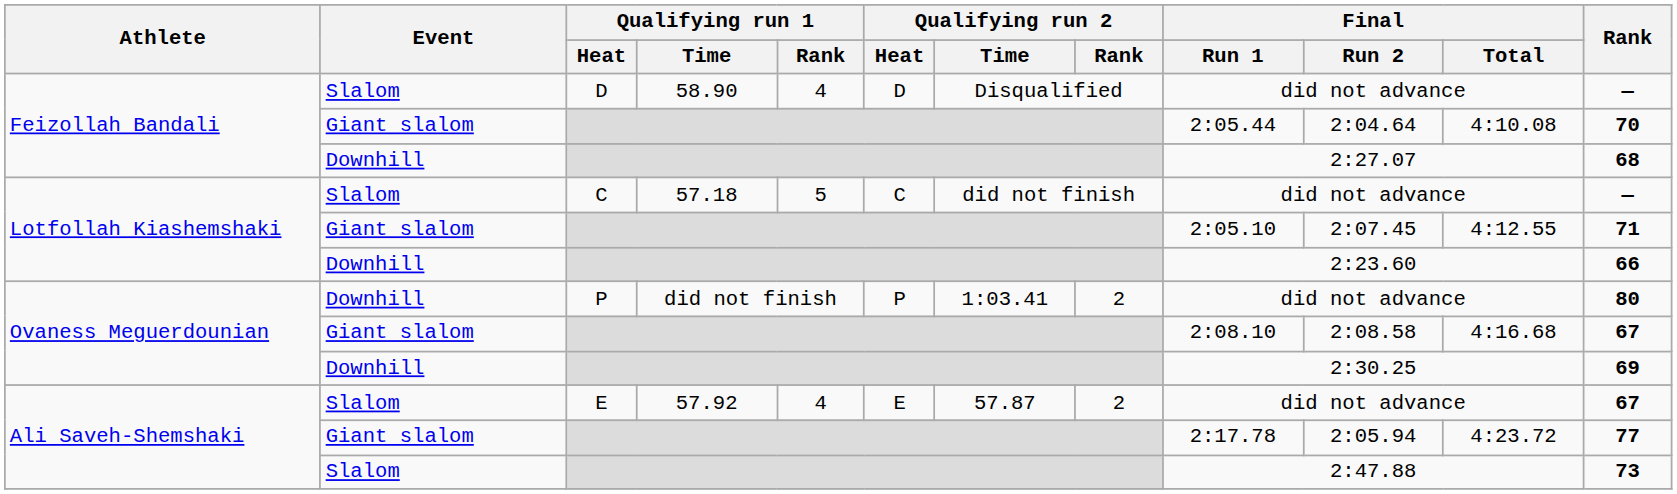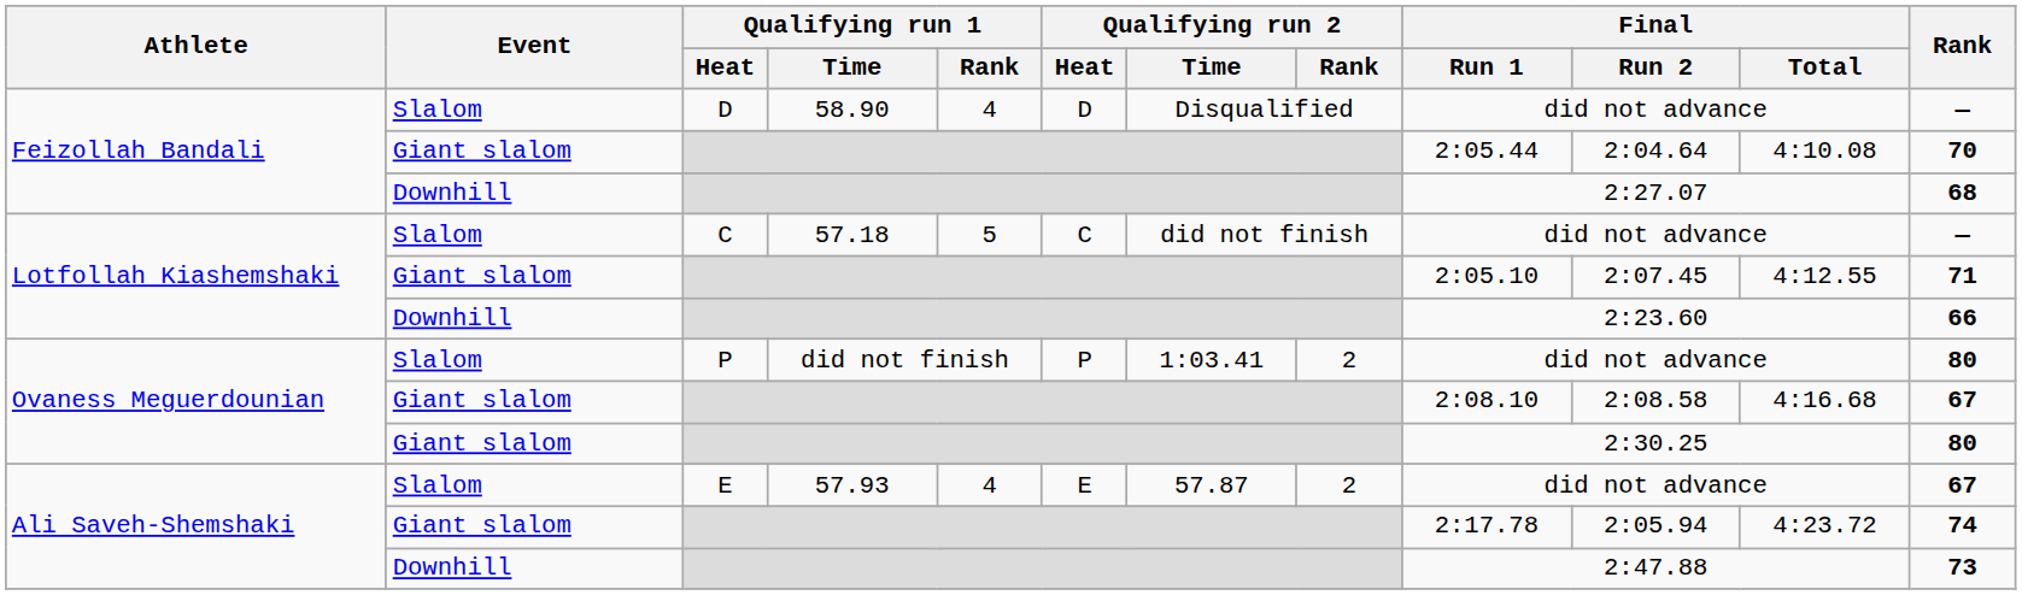 <table class="wikitable" width="75%" style="text-align:center; font-size:90%">
 <tr>
 <th rowspan=2 width="18%">Athlete</th>
 <th rowspan=2 width="14%">Event</th>
 <th colspan=3>Qualifying run 1</th>
 <th colspan=3>Qualifying run 2</th>
 <th colspan=3>Final</th>
 <th rowspan=2 width="5%">Rank</th>
 </tr>
 <tr>
 <th width="4%">Heat</th>
 <th width="8%">Time</th>
 <th width="5%">Rank</th>
 <th width="4%">Heat</th>
 <th width="8%">Time</th>
 <th width="5%">Rank</th>
 <th width="8%">Run 1</th>
 <th width="8%">Run 2</th>
 <th width="8%">Total</th>
 </tr>
 <tr>
 <td rowspan=3 align="left"><a href='#'>Feizollah Bandali</a></td>
 <td align="left"><a href='#'>Slalom</a></td>
 <td>D</td>
 <td>58.90</td>
 <td>4</td>
 <td>D</td>
 <td colspan=2>Disqualified</td>
 <td colspan=3>did not advance</td>
 <td><strong>—</strong></td>
 </tr>
 <tr>
 <td align="left"><a href='#'>Giant slalom</a></td>
 <td colspan=6 bgcolor=#DCDCDC></td>
 <td>2:05.44</td>
 <td>2:04.64</td>
 <td>4:10.08</td>
 <td><strong>70</strong></td>
 </tr>
 <tr>
 <td align="left"><a href='#'>Downhill</a></td>
 <td colspan=6 bgcolor=#DCDCDC></td>
 <td colspan=3>2:27.07</td>
 <td><strong>68</strong></td>
 </tr>
 <tr>
 <td rowspan=3 align="left"><a href='#'>Lotfollah Kiashemshaki</a></td>
 <td align="left"><a href='#'>Slalom</a></td>
 <td>C</td>
 <td>57.18</td>
 <td>5</td>
 <td>C</td>
 <td colspan=2>did not finish</td>
 <td colspan=3>did not advance</td>
 <td><strong>—</strong></td>
 </tr>
 <tr>
 <td align="left"><a href='#'>Giant slalom</a></td>
 <td colspan=6 bgcolor=#DCDCDC></td>
 <td>2:05.10</td>
 <td>2:07.45</td>
 <td>4:12.55</td>
 <td><strong>71</strong></td>
 </tr>
 <tr>
 <td align="left"><a href='#'>Downhill</a></td>
 <td colspan=6 bgcolor=#DCDCDC></td>
 <td colspan=3>2:23.60</td>
 <td><strong>66</strong></td>
 </tr>
 <tr>
 <td rowspan=3 align="left"><a href='#'>Ovaness Meguerdounian</a></td>
-<td align="left"><a href='#'>Downhill</a></td>
+<td align="left"><a href='#'>Slalom</a></td>
 <td>P</td>
 <td colspan=2>did not finish</td>
 <td>P</td>
 <td>1:03.41</td>
 <td>2</td>
 <td colspan=3>did not advance</td>
 <td><strong>80</strong></td>
 </tr>
 <tr>
 <td align="left"><a href='#'>Giant slalom</a></td>
 <td colspan=6 bgcolor=#DCDCDC></td>
 <td>2:08.10</td>
 <td>2:08.58</td>
 <td>4:16.68</td>
 <td><strong>67</strong></td>
 </tr>
 <tr>
-<td align="left"><a href='#'>Downhill</a></td>
+<td align="left"><a href='#'>Giant slalom</a></td>
 <td colspan=6 bgcolor=#DCDCDC></td>
 <td colspan=3>2:30.25</td>
-<td><strong>69</strong></td>
+<td><strong>80</strong></td>
 </tr>
 <tr>
 <td rowspan=3 align="left"><a href='#'>Ali Saveh-Shemshaki</a></td>
 <td align="left"><a href='#'>Slalom</a></td>
 <td>E</td>
-<td>57.92</td>
+<td>57.93</td>
 <td>4</td>
 <td>E</td>
 <td>57.87</td>
 <td>2</td>
 <td colspan=3>did not advance</td>
 <td><strong>67</strong></td>
 </tr>
 <tr>
 <td align="left"><a href='#'>Giant slalom</a></td>
 <td colspan=6 bgcolor=#DCDCDC></td>
 <td>2:17.78</td>
 <td>2:05.94</td>
 <td>4:23.72</td>
-<td><strong>77</strong></td>
+<td><strong>74</strong></td>
 </tr>
 <tr>
-<td align="left"><a href='#'>Slalom</a></td>
+<td align="left"><a href='#'>Downhill</a></td>
 <td colspan=6 bgcolor=#DCDCDC></td>
 <td colspan=3>2:47.88</td>
 <td><strong>73</strong></td>
 </tr>
 </table>
